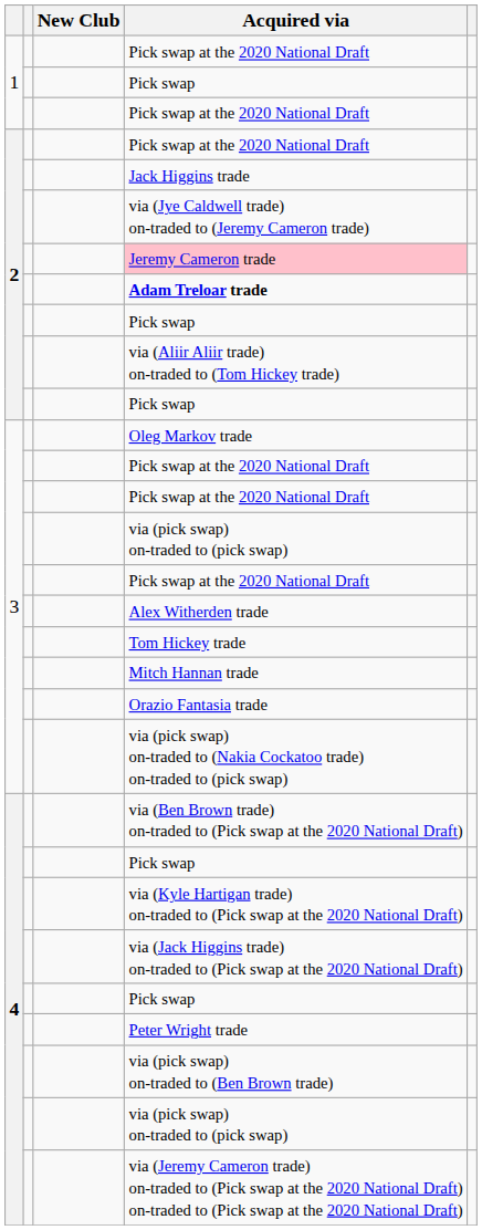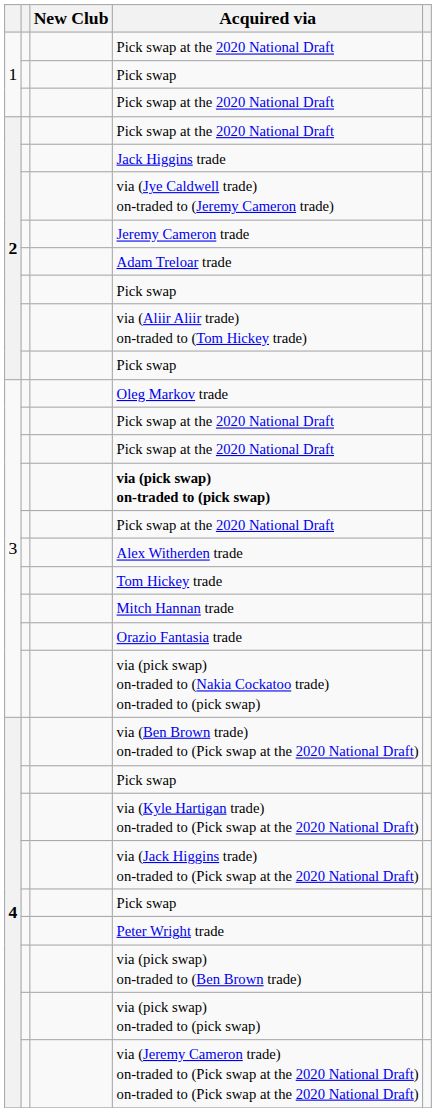 <table class="wikitable sortable plainrowheaders">
 <tr>
 <th scope="col"></th>
 <th scope="col"></th>
 <th scope="col">New Club</th>
 <th class="unsortable">Acquired via</th>
 <th class="unsortable"></th>
 </tr>
 <tr>
 <td rowspan=3>1</td>
 <td></td>
 <td></td>
 <td><small>Pick swap at the <a href='#'>2020 National Draft</a></small></td>
 <td align=center></td>
 </tr>
 <tr>
 <td></td>
 <td></td>
 <td><small>Pick swap</small></td>
 <td align=center></td>
 </tr>
 <tr>
 <td></td>
 <td></td>
 <td><small>Pick swap at the <a href='#'>2020 National Draft</a></small></td>
 <td align=center></td>
 </tr>
 <tr>
 <th scope="row" rowspan=8>2</th>
 <td></td>
 <td></td>
 <td><small>Pick swap at the <a href='#'>2020 National Draft</a></small></td>
 <td align=center></td>
 </tr>
 <tr>
 <td></td>
 <td></td>
 <td><small><a href='#'>Jack Higgins</a> trade</small></td>
 <td align=center></td>
 </tr>
 <tr>
 <td></td>
 <td></td>
 <td><small>via  (<a href='#'>Jye Caldwell</a> trade)<br>on-traded to  (<a href='#'>Jeremy Cameron</a> trade)</small></td>
 <td align=center><br></td>
 </tr>
 <tr>
 <td></td>
 <td></td>
-<td style="background: pink;"><small><a href='#'>Jeremy Cameron</a> trade</small></td>
+<td><small><a href='#'>Jeremy Cameron</a> trade</small></td>
 <td align=center></td>
 </tr>
 <tr>
 <td></td>
 <td></td>
-<td><strong><small><a href='#'>Adam Treloar</a> trade</small></strong></td>
+<td><small><a href='#'>Adam Treloar</a> trade</small></td>
 <td align=center></td>
 </tr>
 <tr>
 <td></td>
 <td></td>
 <td><small>Pick swap</small></td>
 <td align=center></td>
 </tr>
 <tr>
 <td></td>
 <td></td>
 <td><small>via  (<a href='#'>Aliir Aliir</a> trade)<br>on-traded to  (<a href='#'>Tom Hickey</a> trade)</small></td>
 <td align=center><br></td>
 </tr>
 <tr>
 <td></td>
 <td></td>
 <td><small>Pick swap</small></td>
 <td align=center></td>
 </tr>
 <tr>
 <td rowspan=10>3</td>
 <td></td>
 <td></td>
 <td><small><a href='#'>Oleg Markov</a> trade</small></td>
 <td align=center></td>
 </tr>
 <tr>
 <td></td>
 <td></td>
 <td><small>Pick swap at the <a href='#'>2020 National Draft</a></small></td>
 <td align=center></td>
 </tr>
 <tr>
 <td></td>
 <td></td>
 <td><small>Pick swap at the <a href='#'>2020 National Draft</a></small></td>
 <td align=center></td>
 </tr>
 <tr>
 <td></td>
 <td></td>
-<td><small>via  (pick swap)<br>on-traded to  (pick swap)</small></td>
+<td><strong><small>via  (pick swap)<br>on-traded to  (pick swap)</small></strong></td>
 <td align=center><br></td>
 </tr>
 <tr>
 <td></td>
 <td></td>
 <td><small>Pick swap at the <a href='#'>2020 National Draft</a></small></td>
 <td align=center></td>
 </tr>
 <tr>
 <td></td>
 <td></td>
 <td><small><a href='#'>Alex Witherden</a> trade</small></td>
 <td align=center></td>
 </tr>
 <tr>
 <td></td>
 <td></td>
 <td><small><a href='#'>Tom Hickey</a> trade</small></td>
 <td align=center></td>
 </tr>
 <tr>
 <td></td>
 <td></td>
 <td><small><a href='#'>Mitch Hannan</a> trade</small></td>
 <td align=center></td>
 </tr>
 <tr>
 <td></td>
 <td></td>
 <td><small><a href='#'>Orazio Fantasia</a> trade</small></td>
 <td align=center></td>
 </tr>
 <tr>
 <td></td>
 <td></td>
 <td><small>via  (pick swap)<br>on-traded to  (<a href='#'>Nakia Cockatoo</a> trade)<br>on-traded to  (pick swap)</small></td>
 <td align=center><br><br></td>
 </tr>
 <tr>
 <th rowspan=9 scope="row">4</th>
 <td></td>
 <td></td>
 <td><small>via  (<a href='#'>Ben Brown</a> trade)<br>on-traded to  (Pick swap at the <a href='#'>2020 National Draft</a>)</small></td>
 <td align=center></td>
 </tr>
 <tr>
 <td></td>
 <td></td>
 <td><small>Pick swap</small></td>
 <td align=center></td>
 </tr>
 <tr>
 <td></td>
 <td></td>
 <td><small>via  (<a href='#'>Kyle Hartigan</a> trade)<br>on-traded to  (Pick swap at the <a href='#'>2020 National Draft</a>)</small></td>
 <td align=center><br></td>
 </tr>
 <tr>
 <td></td>
 <td></td>
 <td><small>via  (<a href='#'>Jack Higgins</a> trade)<br>on-traded to  (Pick swap at the <a href='#'>2020 National Draft</a>)</small></td>
 <td align=center></td>
 </tr>
 <tr>
 <td></td>
 <td></td>
 <td><small>Pick swap</small></td>
 <td align=center></td>
 </tr>
 <tr>
 <td></td>
 <td></td>
 <td><small><a href='#'>Peter Wright</a> trade</small></td>
 <td align=center></td>
 </tr>
 <tr>
 <td></td>
 <td></td>
 <td><small>via  (pick swap)<br>on-traded to  (<a href='#'>Ben Brown</a> trade)</small></td>
 <td align=center><br></td>
 </tr>
 <tr>
 <td></td>
 <td></td>
 <td><small>via  (pick swap)<br>on-traded to  (pick swap)</small></td>
 <td align=center><br></td>
 </tr>
 <tr>
 <td></td>
 <td></td>
 <td><small>via  (<a href='#'>Jeremy Cameron</a> trade)<br>on-traded to  (Pick swap at the <a href='#'>2020 National Draft</a>)<br>on-traded to  (Pick swap at the <a href='#'>2020 National Draft</a>)</small></td>
 <td align=center></td>
 </tr>
 </table>
